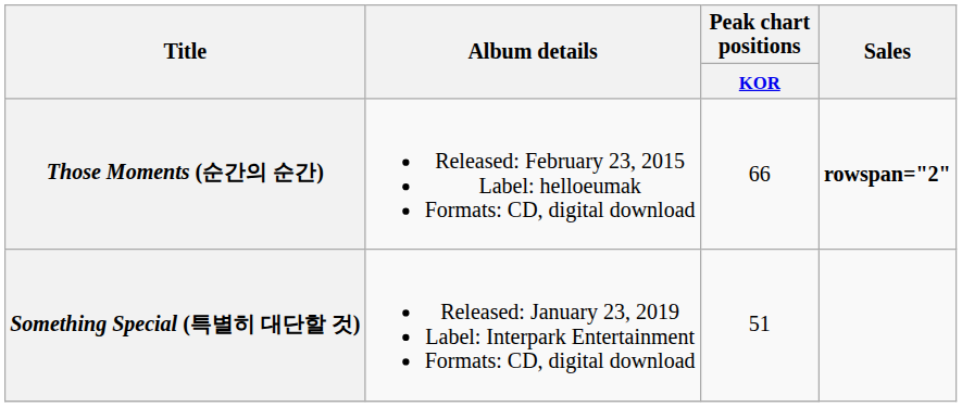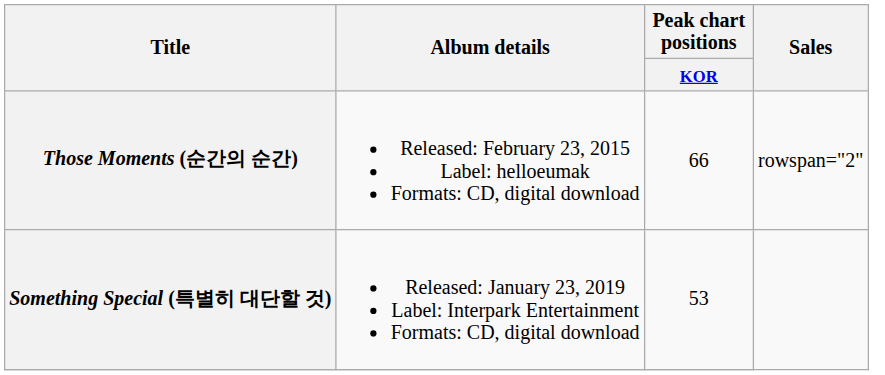 <table class="wikitable plainrowheaders" style="text-align:center;">
 <tr>
 <th scope="col" rowspan="2">Title</th>
 <th scope="col" rowspan="2">Album details</th>
 <th scope="col" colspan="1" style="width:5em;">Peak chart positions</th>
 <th scope="col" rowspan="2">Sales</th>
 </tr>
 <tr>
 <th><small><a href='#'>KOR</a></small><br></th>
 </tr>
 <tr>
 <th scope="row"><em>Those Moments</em> (순간의 순간)</th>
 <td><br><ul><li>Released: February 23, 2015</li><li>Label: helloeumak</li><li>Formats: CD, digital download</li></ul></td>
 <td>66</td>
-<td><strong>rowspan="2" </strong></td>
+<td>rowspan="2" </td>
 </tr>
 <tr>
 <th scope="row"><em>Something Special</em> (특별히 대단할 것)</th>
 <td><br><ul><li>Released: January 23, 2019</li><li>Label: Interpark Entertainment</li><li>Formats: CD, digital download</li></ul></td>
-<td>51</td>
+<td>53</td>
 </tr>
 <tr>
 </tr>
 </table>
